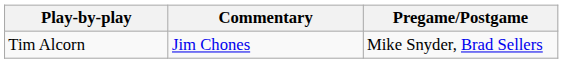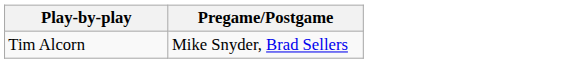 <table class="wikitable" style="float:left;text-align:left;">
 <tr>
 <th style="width:150px; ">Play-by-play</th>
-<th style="width:180px; ">Commentary</th>
 <th style="width:180px; ">Pregame/Postgame</th>
 </tr>
 <tr>
 <td>Tim Alcorn</td>
-<td><a href='#'>Jim Chones</a></td>
 <td>Mike Snyder, <a href='#'>Brad Sellers</a></td>
 </tr>
 </table>
